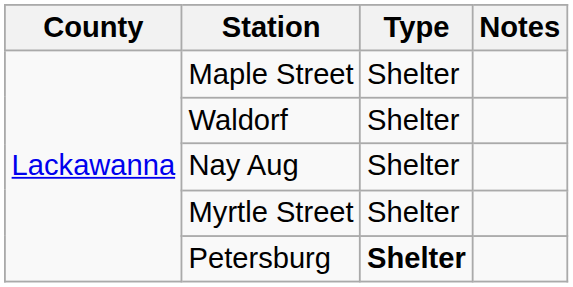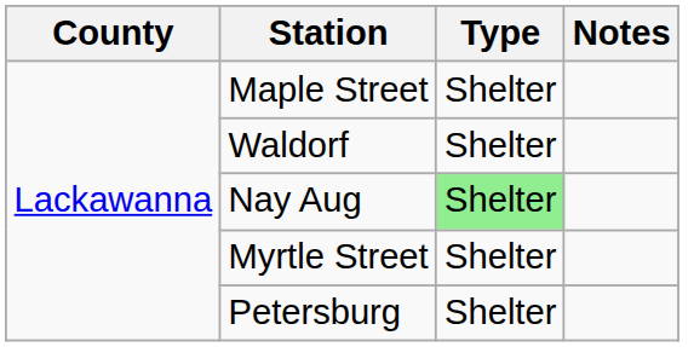 <table class="wikitable">
 <tr>
 <th>County</th>
 <th>Station</th>
 <th>Type</th>
 <th>Notes</th>
 </tr>
 <tr>
 <td rowspan=6><a href='#'>Lackawanna</a></td>
 <td>Maple Street</td>
 <td>Shelter</td>
 <td> </td>
 </tr>
 <tr>
 <td>Waldorf</td>
 <td>Shelter</td>
 <td> </td>
 </tr>
 <tr>
 <td>Nay Aug</td>
-<td>Shelter</td>
+<td style="background: lightgreen;">Shelter</td>
 <td> </td>
 </tr>
 <tr>
 <td>Myrtle Street</td>
 <td>Shelter</td>
 <td> </td>
 </tr>
 <tr>
 <td>Petersburg</td>
-<td><strong>Shelter</strong></td>
+<td>Shelter</td>
 <td> </td>
 </tr>
 </table>
